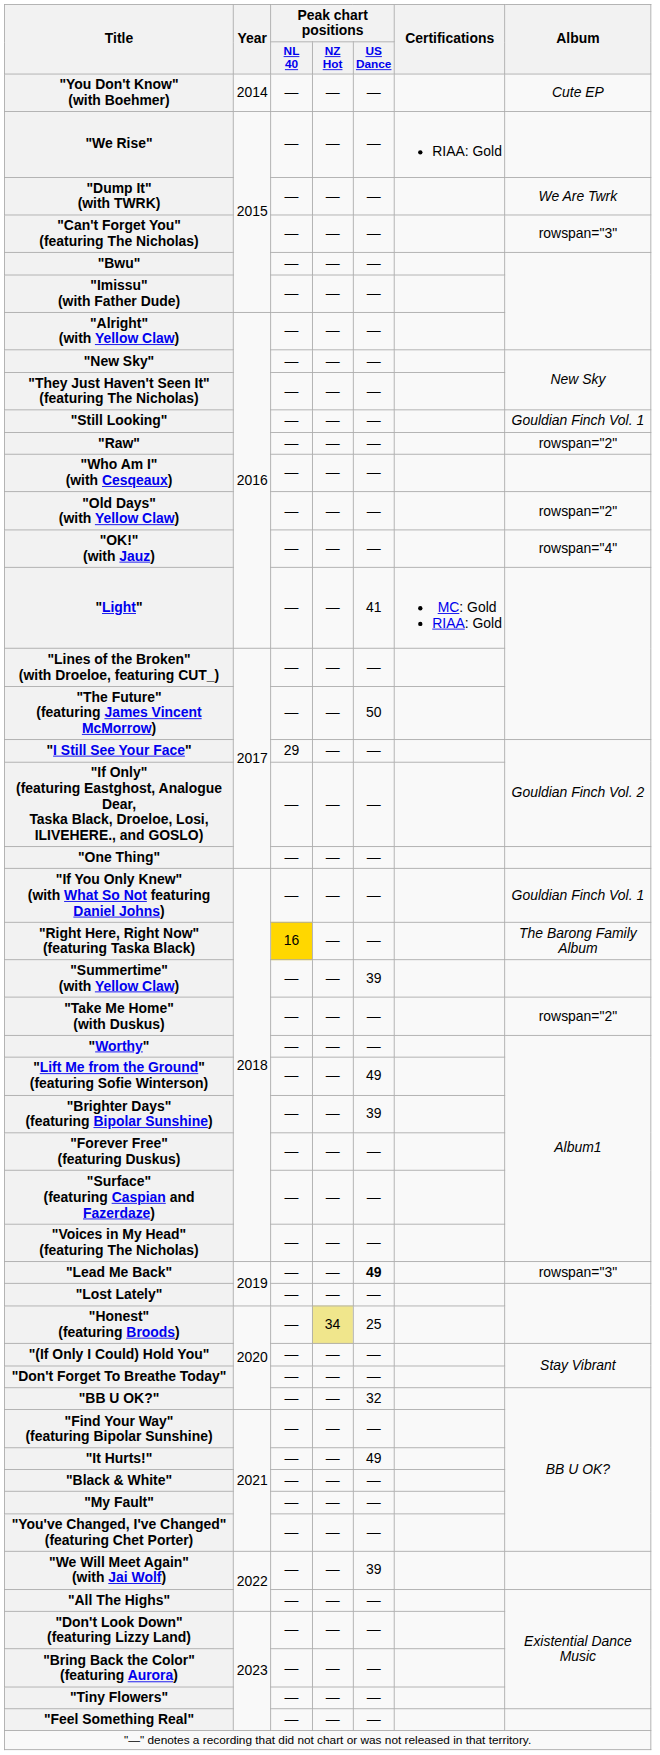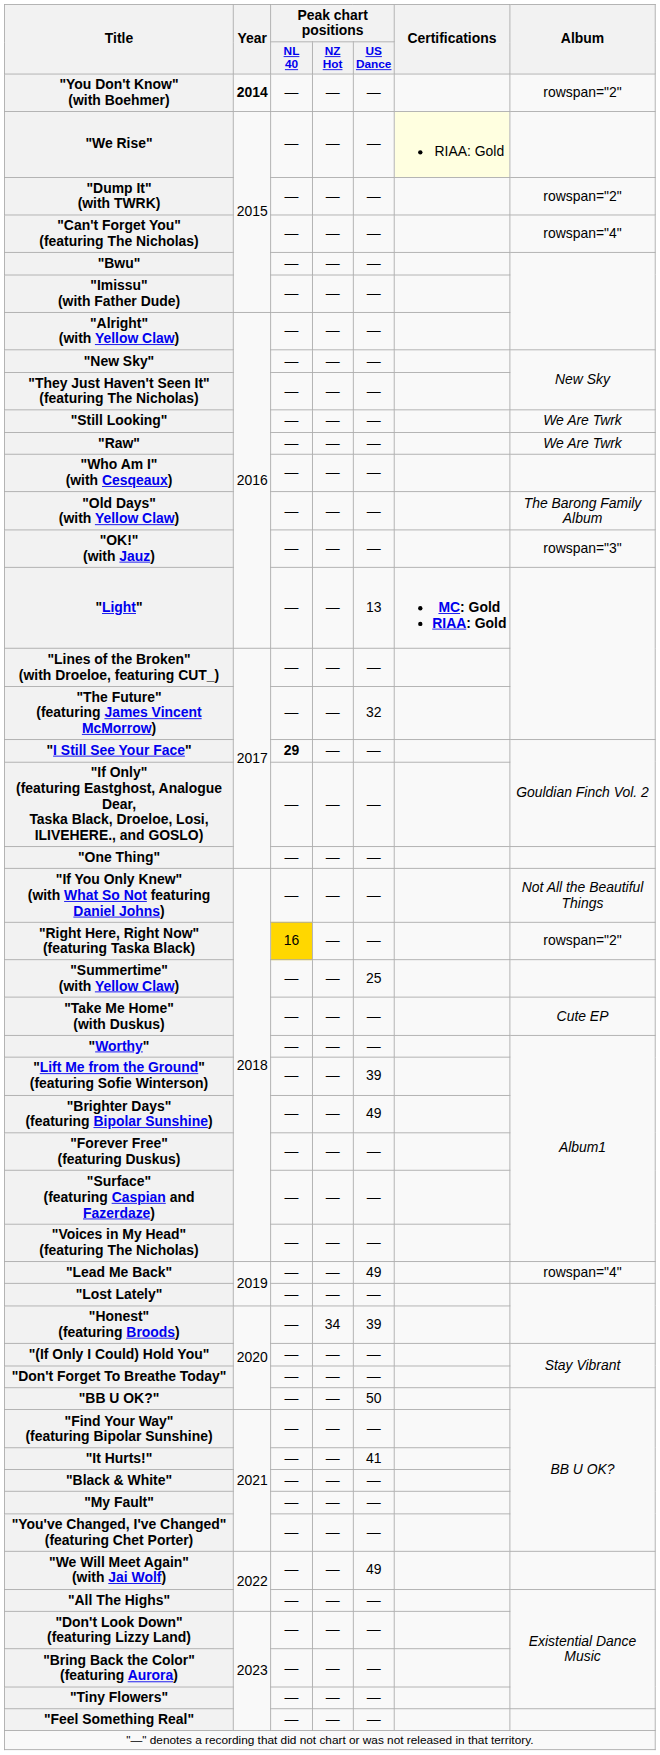 <table class="wikitable plainrowheaders" border="1" style="text-align:center;">
 <tr>
 <th scope="col" style="width:16em;" rowspan="2">Title</th>
 <th scope="col" style="width:2em;" rowspan="2">Year</th>
 <th scope="col" colspan="3">Peak chart positions</th>
 <th scope="col" rowspan="2">Certifications</th>
 <th scope="col" style="width:10em;" rowspan="2">Album</th>
 </tr>
 <tr>
 <th scope="col" style="width:3em;font-size:85%;"><a href='#'>NL<br>40</a><br></th>
 <th scope="col" style="width:3em;font-size:85%;"><a href='#'>NZ<br>Hot</a><br></th>
 <th scope="col" style="width:3em;font-size:85%;"><a href='#'>US<br>Dance</a><br></th>
 </tr>
 <tr>
 <th scope="row">"You Don't Know"<br><span>(with Boehmer)</span></th>
-<td>2014</td>
+<td><strong>2014</strong></td>
 <td>—</td>
 <td>—</td>
 <td>—</td>
 <td></td>
-<td><em>Cute EP</em></td>
+<td>rowspan="2" </td>
 </tr>
 <tr>
 <th scope="row">"We Rise"</th>
 <td rowspan="5">2015</td>
 <td>—</td>
 <td>—</td>
 <td>—</td>
-<td><br><ul><li>RIAA: Gold</li></ul></td>
+<td style="background: lightyellow;"><br><ul><li>RIAA: Gold</li></ul></td>
 </tr>
 <tr>
 <th scope="row">"Dump It"<br><span>(with TWRK)</span></th>
 <td>—</td>
 <td>—</td>
 <td>—</td>
 <td></td>
-<td><em>We Are Twrk</em></td>
+<td>rowspan="2" </td>
 </tr>
 <tr>
 <th scope="row">"Can't Forget You" <br><span>(featuring The Nicholas)</span></th>
 <td>—</td>
 <td>—</td>
 <td>—</td>
 <td></td>
-<td>rowspan="3" </td>
+<td>rowspan="4" </td>
 </tr>
 <tr>
 <th scope="row">"Bwu"</th>
 <td>—</td>
 <td>—</td>
 <td>—</td>
 <td></td>
 </tr>
 <tr>
 <th scope="row">"Imissu"<br><span>(with Father Dude)</span></th>
 <td>—</td>
 <td>—</td>
 <td>—</td>
 <td></td>
 </tr>
 <tr>
 <th scope="row">"Alright"<br><span>(with <a href='#'>Yellow Claw</a>)</span></th>
 <td rowspan="9">2016</td>
 <td>—</td>
 <td>—</td>
 <td>—</td>
 <td></td>
 </tr>
 <tr>
 <th scope="row">"New Sky"</th>
 <td>—</td>
 <td>—</td>
 <td>—</td>
 <td></td>
 <td rowspan="2"><em>New Sky</em></td>
 </tr>
 <tr>
 <th scope="row">"They Just Haven't Seen It" <br><span>(featuring The Nicholas)</span></th>
 <td>—</td>
 <td>—</td>
 <td>—</td>
 <td></td>
 </tr>
 <tr>
 <th scope="row">"Still Looking"</th>
 <td>—</td>
 <td>—</td>
 <td>—</td>
 <td></td>
-<td><em>Gouldian Finch Vol. 1</em></td>
+<td><em>We Are Twrk</em></td>
 </tr>
 <tr>
 <th scope="row">"Raw"</th>
 <td>—</td>
 <td>—</td>
 <td>—</td>
 <td></td>
-<td>rowspan="2" </td>
+<td><em>We Are Twrk</em></td>
 </tr>
 <tr>
 <th scope="row">"Who Am I"<br><span>(with <a href='#'>Cesqeaux</a>)</span></th>
 <td>—</td>
 <td>—</td>
 <td>—</td>
 <td></td>
 </tr>
 <tr>
 <th scope="row">"Old Days"<br><span>(with <a href='#'>Yellow Claw</a>)</span></th>
 <td>—</td>
 <td>—</td>
 <td>—</td>
 <td></td>
-<td>rowspan="2" </td>
+<td><em>The Barong Family Album</em></td>
 </tr>
 <tr>
 <th scope="row">"OK!"<br><span>(with <a href='#'>Jauz</a>)</span></th>
 <td>—</td>
 <td>—</td>
 <td>—</td>
 <td></td>
-<td>rowspan="4" </td>
+<td>rowspan="3" </td>
 </tr>
 <tr>
 <th scope="row">"<a href='#'>Light</a>"</th>
 <td>—</td>
 <td>—</td>
-<td>41</td>
-<td><br><ul><li><a href='#'>MC</a>: Gold</li><li><a href='#'>RIAA</a>: Gold</li></ul></td>
+<td>13</td>
+<td><strong><br><ul><li><a href='#'>MC</a>: Gold</li><li><a href='#'>RIAA</a>: Gold</li></ul></strong></td>
 </tr>
 <tr>
 <th scope="row">"Lines of the Broken"<br><span>(with Droeloe, featuring CUT_)</span></th>
 <td rowspan="5">2017</td>
 <td>—</td>
 <td>—</td>
 <td>—</td>
 <td></td>
 </tr>
 <tr>
 <th scope="row">"The Future" <br><span>(featuring <a href='#'>James Vincent McMorrow</a>)</span></th>
 <td>—</td>
 <td>—</td>
-<td>50</td>
+<td>32</td>
 <td></td>
 </tr>
 <tr>
 <th scope="row">"<a href='#'>I Still See Your Face</a>"</th>
-<td>29</td>
+<td><strong>29</strong></td>
 <td>—</td>
 <td>—</td>
 <td></td>
 <td rowspan="2"><em>Gouldian Finch Vol. 2</em></td>
 </tr>
 <tr>
 <th scope="row">"If Only"<br><span>(featuring Eastghost, Analogue Dear,<br> Taska Black, Droeloe, Losi, ILIVEHERE., and GOSLO)</span></th>
 <td>—</td>
 <td>—</td>
 <td>—</td>
 <td></td>
 </tr>
 <tr>
 <th scope="row">"One Thing"</th>
 <td>—</td>
 <td>—</td>
 <td>—</td>
 <td></td>
 <td></td>
 </tr>
 <tr>
 <th scope="row">"If You Only Knew" <br><span>(with <a href='#'>What So Not</a> featuring <a href='#'>Daniel Johns</a>)</span></th>
 <td rowspan="10">2018</td>
 <td>—</td>
 <td>—</td>
 <td>—</td>
 <td></td>
-<td><em>Gouldian Finch Vol. 1</em></td>
+<td><em>Not All the Beautiful Things</em></td>
 </tr>
 <tr>
 <th scope="row">"Right Here, Right Now" <br><span>(featuring Taska Black)</span></th>
 <td style="background: gold;">16</td>
 <td>—</td>
 <td>—</td>
 <td></td>
-<td><em>The Barong Family Album</em></td>
+<td>rowspan="2" </td>
 </tr>
 <tr>
 <th scope="row">"Summertime" <br><span>(with <a href='#'>Yellow Claw</a>)</span></th>
 <td>—</td>
 <td>—</td>
-<td>39</td>
+<td>25</td>
 <td></td>
 </tr>
 <tr>
 <th scope="row">"Take Me Home" <br><span>(with Duskus)</span></th>
 <td>—</td>
 <td>—</td>
 <td>—</td>
 <td></td>
-<td>rowspan="2" </td>
+<td><em>Cute EP</em></td>
 </tr>
 <tr>
 <th scope="row">"<a href='#'>Worthy</a>"</th>
 <td>—</td>
 <td>—</td>
 <td>—</td>
 <td></td>
 <td rowspan="6"><em>Album1</em></td>
 </tr>
 <tr>
 <th scope="row">"<a href='#'>Lift Me from the Ground</a>"<br><span>(featuring Sofie Winterson)</span></th>
 <td>—</td>
 <td>—</td>
-<td>49</td>
+<td>39</td>
 <td></td>
 </tr>
 <tr>
 <th scope="row">"Brighter Days"<br><span>(featuring <a href='#'>Bipolar Sunshine</a>)</span></th>
 <td>—</td>
 <td>—</td>
-<td>39</td>
+<td>49</td>
 <td></td>
 </tr>
 <tr>
 <th scope="row">"Forever Free" <br><span>(featuring Duskus)</span></th>
 <td>—</td>
 <td>—</td>
 <td>—</td>
 <td></td>
 </tr>
 <tr>
 <th scope="row">"Surface" <br><span>(featuring <a href='#'>Caspian</a> and <a href='#'>Fazerdaze</a>)</span></th>
 <td>—</td>
 <td>—</td>
 <td>—</td>
 <td></td>
 </tr>
 <tr>
 <th scope="row">"Voices in My Head"<br><span>(featuring The Nicholas)</span></th>
 <td>—</td>
 <td>—</td>
 <td>—</td>
 <td></td>
 </tr>
 <tr>
 <th scope="row">"Lead Me Back"</th>
 <td rowspan="2">2019</td>
 <td>—</td>
 <td>—</td>
-<td><strong>49</strong></td>
+<td>49</td>
 <td></td>
-<td>rowspan="3" </td>
+<td>rowspan="4" </td>
 </tr>
 <tr>
 <th scope="row">"Lost Lately"</th>
 <td>—</td>
 <td>—</td>
 <td>—</td>
 <td></td>
 </tr>
 <tr>
 <th scope="row">"Honest"<br><span>(featuring <a href='#'>Broods</a>)</span></th>
 <td rowspan="4">2020</td>
 <td>—</td>
-<td style="background: khaki;">34</td>
-<td>25</td>
+<td>34</td>
+<td>39</td>
 <td></td>
 </tr>
 <tr>
 <th scope="row">"(If Only I Could) Hold You"</th>
 <td>—</td>
 <td>—</td>
 <td>—</td>
 <td></td>
 <td rowspan="2"><em>Stay Vibrant</em></td>
 </tr>
 <tr>
 <th scope="row">"Don't Forget To Breathe Today"</th>
 <td>—</td>
 <td>—</td>
 <td>—</td>
 <td></td>
 </tr>
 <tr>
 <th scope="row">"BB U OK?"</th>
 <td>—</td>
 <td>—</td>
-<td>32</td>
+<td>50</td>
 <td></td>
 <td rowspan="6"><em>BB U OK?</em></td>
 </tr>
 <tr>
 <th scope="row">"Find Your Way" <br><span>(featuring Bipolar Sunshine)</span></th>
 <td rowspan="5">2021</td>
 <td>—</td>
 <td>—</td>
 <td>—</td>
 <td></td>
 </tr>
 <tr>
 <th scope="row">"It Hurts!"</th>
 <td>—</td>
 <td>—</td>
-<td>49</td>
+<td>41</td>
 <td></td>
 </tr>
 <tr>
 <th scope="row">"Black & White"</th>
 <td>—</td>
 <td>—</td>
 <td>—</td>
 <td></td>
 </tr>
 <tr>
 <th scope="row">"My Fault"</th>
 <td>—</td>
 <td>—</td>
 <td>—</td>
 <td></td>
 </tr>
 <tr>
 <th scope="row">"You've Changed, I've Changed" <br><span>(featuring Chet Porter)</span></th>
 <td>—</td>
 <td>—</td>
 <td>—</td>
 <td></td>
 </tr>
 <tr>
 <th scope="row">"We Will Meet Again"<br><span>(with <a href='#'>Jai Wolf</a>)</span></th>
 <td rowspan="2">2022</td>
 <td>—</td>
 <td>—</td>
-<td>39</td>
+<td>49</td>
 <td></td>
 <td></td>
 </tr>
 <tr>
 <th scope="row">"All The Highs"</th>
 <td>—</td>
 <td>—</td>
 <td>—</td>
 <td></td>
 <td rowspan="4"><em>Existential Dance Music</em></td>
 </tr>
 <tr>
 <th scope="row">"Don't Look Down"<br><span>(featuring Lizzy Land)</span></th>
 <td rowspan="4">2023</td>
 <td>—</td>
 <td>—</td>
 <td>—</td>
 <td></td>
 </tr>
 <tr>
 <th scope="row">"Bring Back the Color"<br><span>(featuring <a href='#'>Aurora</a>)</span></th>
 <td>—</td>
 <td>—</td>
 <td>—</td>
 <td></td>
 </tr>
 <tr>
 <th scope="row">"Tiny Flowers"</th>
 <td>—</td>
 <td>—</td>
 <td>—</td>
 <td></td>
 </tr>
 <tr>
 <th scope="row">"Feel Something Real"</th>
 <td>—</td>
 <td>—</td>
 <td>—</td>
 <td></td>
 <td></td>
 </tr>
 <tr>
 <td colspan="7" style="font-size:85%">"—" denotes a recording that did not chart or was not released in that territory.</td>
 </tr>
 </table>
